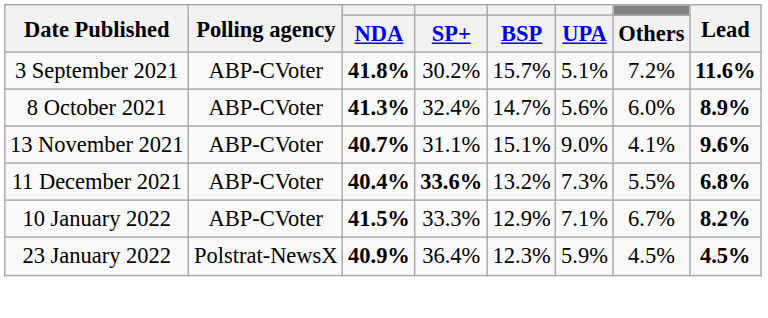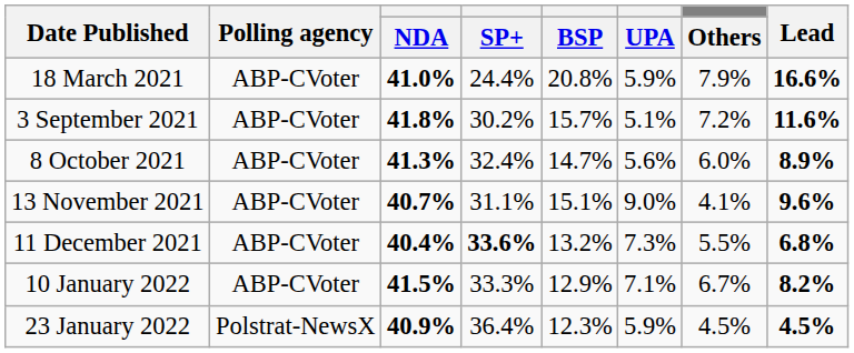 <table class="wikitable sortable" style="text-align:center; font-size:95%">
 <tr>
 <th rowspan="2">Date Published</th>
 <th rowspan="2">Polling agency</th>
 <th style="background:"></th>
 <th style="background:"></th>
 <th style="text-align:center; background:"></th>
 <th style="text-align:center; background:"></th>
 <th style="background:gray;"></th>
 <th rowspan="2">Lead</th>
 </tr>
 <tr>
 <th><a href='#'>NDA</a></th>
 <th><a href='#'>SP+</a></th>
 <th><a href='#'>BSP</a></th>
 <th><a href='#'>UPA</a></th>
 <th>Others</th>
+</tr>
+<tr>
+<td>18 March 2021</td>
+<td>ABP-CVoter</td>
+<td><strong>41.0%</strong></td>
+<td>24.4%</td>
+<td>20.8%</td>
+<td>5.9%</td>
+<td>7.9%</td>
+<td><strong>16.6%</strong></td>
 </tr>
 <tr>
 <td>3 September 2021</td>
 <td>ABP-CVoter</td>
 <td><strong>41.8%</strong></td>
 <td>30.2%</td>
 <td>15.7%</td>
 <td>5.1%</td>
 <td>7.2%</td>
 <td><strong>11.6%</strong></td>
 </tr>
 <tr>
 <td>8 October 2021</td>
 <td>ABP-CVoter</td>
 <td><strong>41.3%</strong></td>
 <td>32.4%</td>
 <td>14.7%</td>
 <td>5.6%</td>
 <td>6.0%</td>
 <td><strong>8.9%</strong></td>
 </tr>
 <tr>
 <td>13 November 2021</td>
 <td>ABP-CVoter</td>
 <td><strong>40.7%</strong></td>
 <td>31.1%</td>
 <td>15.1%</td>
 <td>9.0%</td>
 <td>4.1%</td>
 <td><strong>9.6%</strong></td>
 </tr>
 <tr>
 <td>11 December 2021</td>
 <td>ABP-CVoter</td>
 <td><strong>40.4%</strong></td>
 <td><strong>33.6%</strong></td>
 <td>13.2%</td>
 <td>7.3%</td>
 <td>5.5%</td>
 <td><strong>6.8%</strong></td>
 </tr>
 <tr>
 <td>10 January 2022</td>
 <td>ABP-CVoter</td>
 <td><strong>41.5%</strong></td>
 <td>33.3%</td>
 <td>12.9%</td>
 <td>7.1%</td>
 <td>6.7%</td>
 <td><strong>8.2%</strong></td>
 </tr>
 <tr>
 <td>23 January 2022</td>
 <td>Polstrat-NewsX</td>
 <td><strong>40.9%</strong></td>
 <td>36.4%</td>
 <td>12.3%</td>
 <td>5.9%</td>
 <td>4.5%</td>
 <td><strong>4.5%</strong></td>
 </tr>
 </table>
